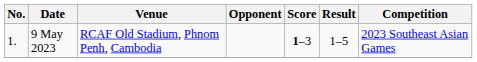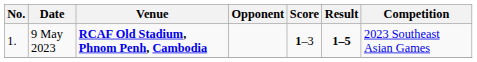 <table class="wikitable">
 <tr>
 <th>No.</th>
 <th>Date</th>
 <th>Venue</th>
 <th>Opponent</th>
 <th>Score</th>
 <th>Result</th>
 <th>Competition</th>
 </tr>
 <tr>
 <td>1.</td>
 <td>9 May 2023</td>
-<td><a href='#'>RCAF Old Stadium</a>, <a href='#'>Phnom Penh</a>, <a href='#'>Cambodia</a></td>
+<td><strong><a href='#'>RCAF Old Stadium</a>, <a href='#'>Phnom Penh</a>, <a href='#'>Cambodia</a></strong></td>
 <td></td>
 <td align=center><strong>1</strong>–3</td>
-<td align=center>1–5</td>
+<td align=center><strong>1–5</strong></td>
 <td><a href='#'>2023 Southeast Asian Games</a></td>
 </tr>
 <tr>
 </tr>
 </table>
